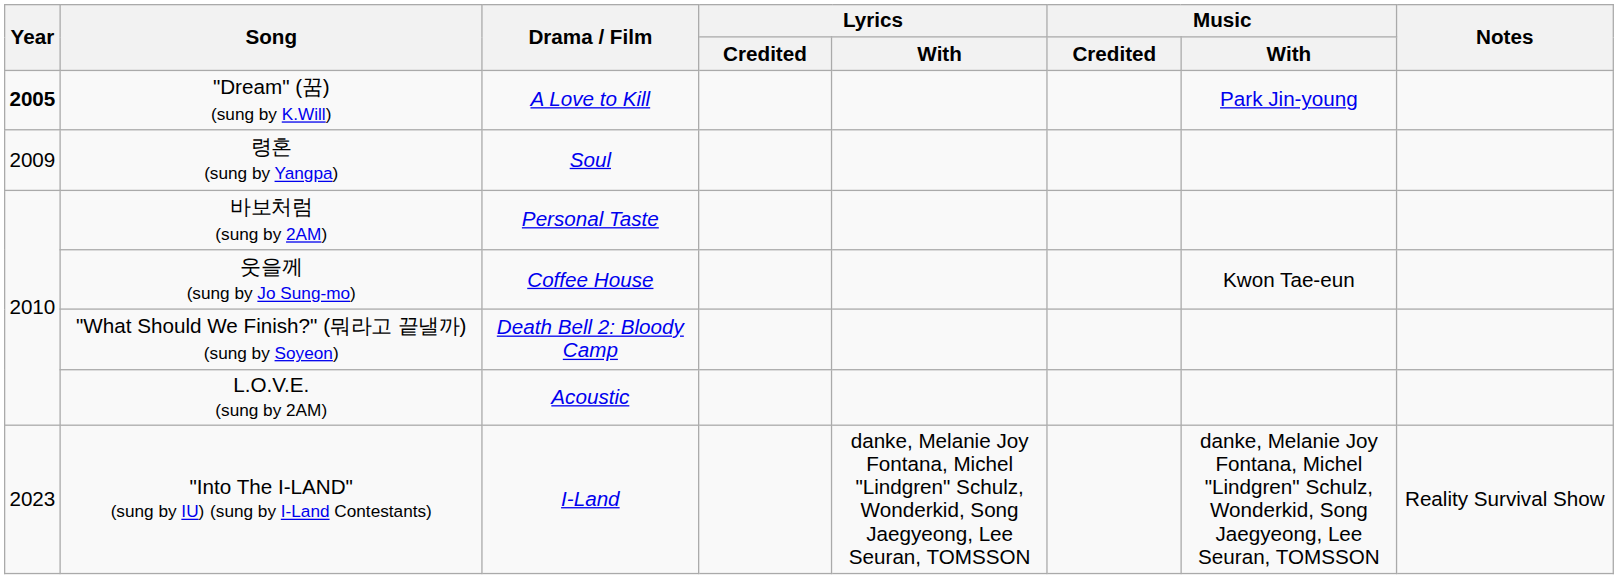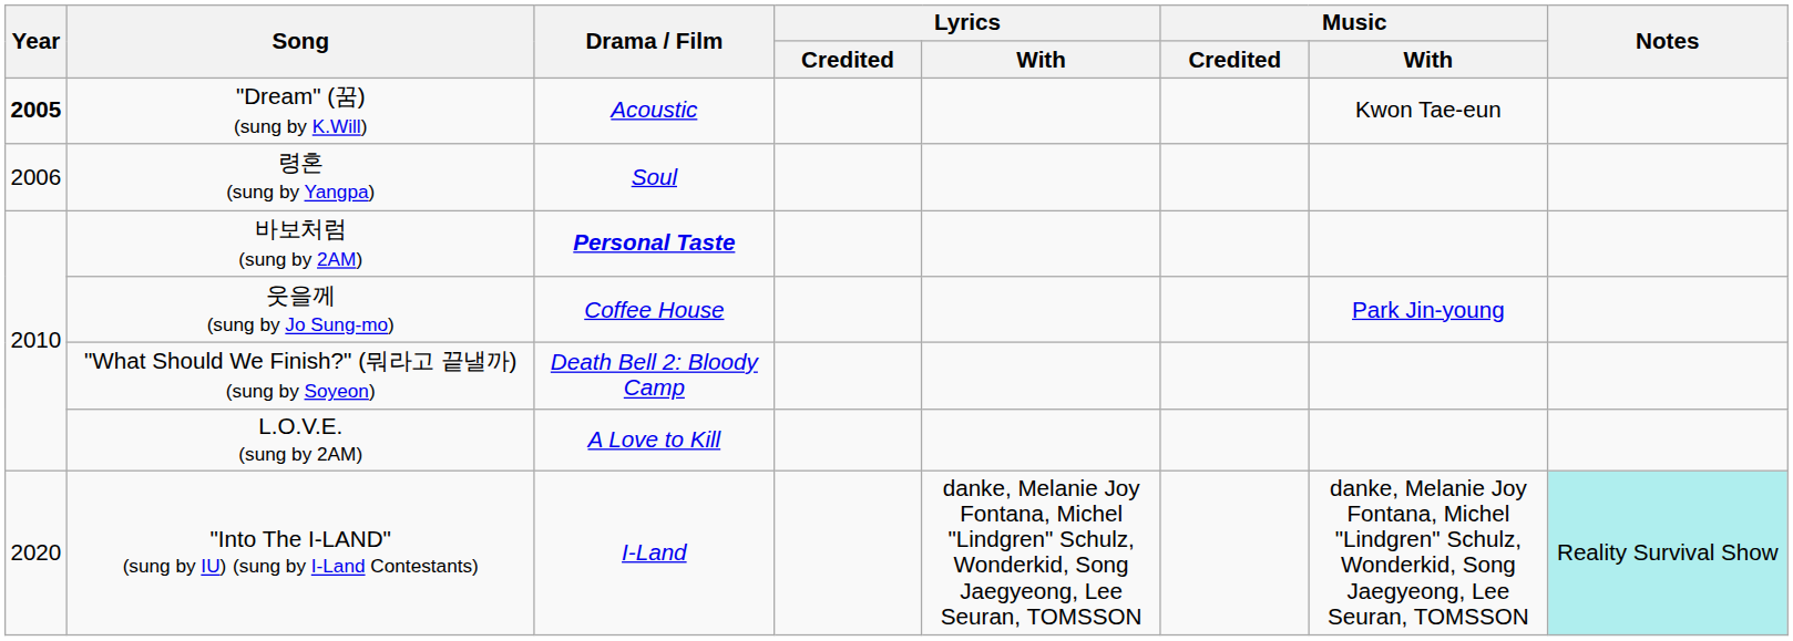 <table class="wikitable" style="text-align:center;">
 <tr>
 <th rowspan="2">Year</th>
 <th rowspan="2" style="width:20em;">Song</th>
 <th rowspan="2" style="width:10em;">Drama / Film</th>
 <th colspan="2" style="width:16em;">Lyrics</th>
 <th colspan="2" style="width:16em;">Music</th>
 <th rowspan="2" style="width:10em;">Notes</th>
 </tr>
 <tr>
 <th style="width:6em;">Credited</th>
 <th style="width:10em;">With</th>
 <th style="width:6em;">Credited</th>
 <th style="width:10em;">With</th>
 </tr>
 <tr>
 <td><strong>2005</strong></td>
 <td>"Dream" (꿈)<br><small>(sung by <a href='#'>K.Will</a>)</small></td>
-<td><em><a href='#'>A Love to Kill</a></em></td>
+<td><em><a href='#'>Acoustic</a></em></td>
 <td></td>
 <td></td>
 <td></td>
-<td><a href='#'>Park Jin-young</a></td>
+<td>Kwon Tae-eun</td>
 <td></td>
 </tr>
 <tr>
-<td>2009</td>
+<td>2006</td>
 <td>령혼<br><small>(sung by <a href='#'>Yangpa</a>)</small></td>
 <td><em><a href='#'>Soul</a></em></td>
 <td></td>
 <td></td>
 <td></td>
 <td></td>
 <td></td>
 </tr>
 <tr>
 <td rowspan="4">2010</td>
 <td>바보처럼 <br> <small>(sung by <a href='#'>2AM</a>)</small></td>
-<td><em><a href='#'>Personal Taste</a></em></td>
+<td><strong><em><a href='#'>Personal Taste</a></em></strong></td>
 <td></td>
 <td></td>
 <td></td>
 <td></td>
 <td></td>
 </tr>
 <tr>
 <td>웃을께 <br> <small>(sung by <a href='#'>Jo Sung-mo</a>)</small></td>
 <td><em><a href='#'>Coffee House</a></em></td>
 <td></td>
 <td></td>
 <td></td>
-<td>Kwon Tae-eun</td>
+<td><a href='#'>Park Jin-young</a></td>
 <td></td>
 </tr>
 <tr>
 <td>"What Should We Finish?" (뭐라고 끝낼까)<br><small>(sung by <a href='#'>Soyeon</a>)</small></td>
 <td><em><a href='#'>Death Bell 2: Bloody Camp</a></em></td>
 <td></td>
 <td></td>
 <td></td>
 <td></td>
 <td></td>
 </tr>
 <tr>
 <td>L.O.V.E. <br> <small>(sung by 2AM)</small></td>
-<td><em><a href='#'>Acoustic</a></em></td>
+<td><em><a href='#'>A Love to Kill</a></em></td>
 <td></td>
 <td></td>
 <td></td>
 <td></td>
 <td></td>
 </tr>
 <tr>
-<td>2023</td>
+<td>2020</td>
 <td>"Into The I-LAND"<br><small>(sung by <a href='#'>IU</a>)</small> <small>(sung by <a href='#'>I-Land</a> Contestants)</small></td>
 <td><em><a href='#'>I-Land</a></em></td>
 <td></td>
 <td>danke, Melanie Joy Fontana, Michel "Lindgren" Schulz, Wonderkid, Song Jaegyeong, Lee Seuran, TOMSSON</td>
 <td></td>
 <td>danke, Melanie Joy Fontana, Michel "Lindgren" Schulz, Wonderkid, Song Jaegyeong, Lee Seuran, TOMSSON</td>
-<td>Reality Survival Show</td>
+<td style="background: paleturquoise;">Reality Survival Show</td>
 </tr>
 </table>
